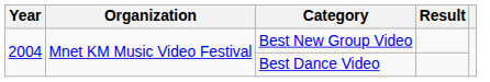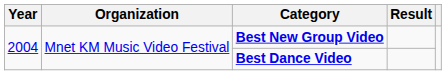 <table class="wikitable">
 <tr>
 <th>Year</th>
 <th>Organization</th>
 <th>Category</th>
 <th>Result</th>
 <th></th>
 </tr>
 <tr>
 <td rowspan="2"><a href='#'>2004</a></td>
 <td rowspan="2"><a href='#'>Mnet KM Music Video Festival</a></td>
-<td><a href='#'>Best New Group Video</a></td>
+<td><strong><a href='#'>Best New Group Video</a></strong></td>
 <td></td>
 <td align="center" rowspan="2"></td>
 </tr>
 <tr>
-<td><a href='#'>Best Dance Video</a></td>
+<td><strong><a href='#'>Best Dance Video</a></strong></td>
 <td></td>
 </tr>
 </table>
